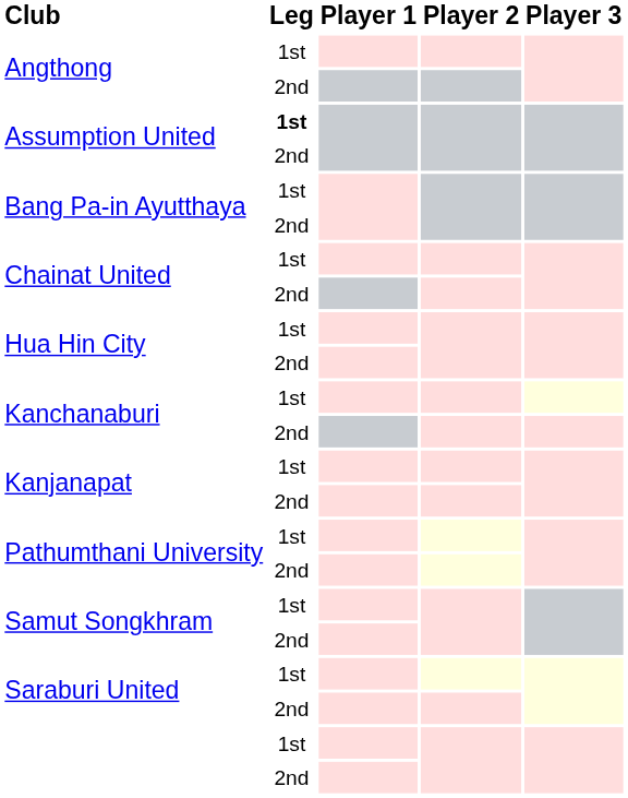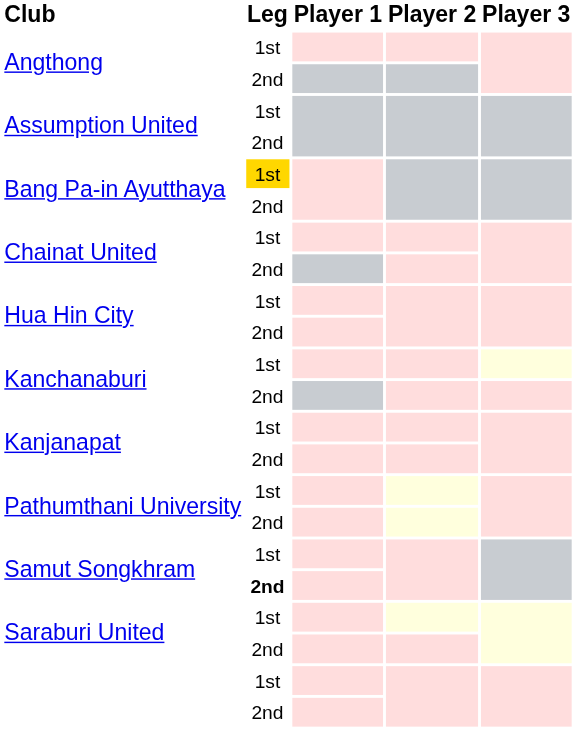 <table class="sortable" style="text-align:left">
 <tr>
 <th>Club</th>
 <th>Leg</th>
 <th>Player 1</th>
 <th>Player 2</th>
 <th>Player 3</th>
 </tr>
 <tr>
 <td rowspan="2"><a href='#'>Angthong</a></td>
 <td align="center"><small>1st</small></td>
 <td bgcolor="#ffdddd"></td>
 <td bgcolor="#ffdddd"></td>
 <td bgcolor="#ffdddd"rowspan="2"></td>
 </tr>
 <tr>
 <td align="center"><small>2nd</small></td>
 <td bgcolor="#c8ccd1"></td>
 <td bgcolor="#c8ccd1"></td>
 </tr>
 <tr>
 <td rowspan="2"><a href='#'>Assumption United</a></td>
-<td align="center"><strong><small>1st</small></strong></td>
+<td align="center"><small>1st</small></td>
 <td bgcolor="#c8ccd1"rowspan="2"></td>
 <td bgcolor="#c8ccd1"rowspan="2"></td>
 <td bgcolor="#c8ccd1"rowspan="2"></td>
 </tr>
 <tr>
 <td align="center"><small>2nd</small></td>
 </tr>
 <tr>
 <td rowspan="2"><a href='#'>Bang Pa-in Ayutthaya</a></td>
-<td align="center"><small>1st</small></td>
+<td align="center" style="background: gold;"><small>1st</small></td>
 <td bgcolor="#ffdddd"rowspan="2"></td>
 <td bgcolor="#c8ccd1"rowspan="2"></td>
 <td bgcolor="#c8ccd1"rowspan="2"></td>
 </tr>
 <tr>
 <td align="center"><small>2nd</small></td>
 </tr>
 <tr>
 <td rowspan="2"><a href='#'>Chainat United</a></td>
 <td align="center"><small>1st</small></td>
 <td bgcolor="#ffdddd"></td>
 <td bgcolor="#ffdddd"></td>
 <td bgcolor="#ffdddd"rowspan="2"></td>
 </tr>
 <tr>
 <td align="center"><small>2nd</small></td>
 <td bgcolor="#c8ccd1"></td>
 <td bgcolor="#ffdddd"></td>
 </tr>
 <tr>
 <td rowspan="2"><a href='#'>Hua Hin City</a></td>
 <td align="center"><small>1st</small></td>
 <td bgcolor="#ffdddd"></td>
 <td bgcolor="#ffdddd"rowspan="2"></td>
 <td bgcolor="#ffdddd"rowspan="2"></td>
 </tr>
 <tr>
 <td align="center"><small>2nd</small></td>
 <td bgcolor="#ffdddd"></td>
 </tr>
 <tr>
 <td rowspan="2"><a href='#'>Kanchanaburi</a></td>
 <td align="center"><small>1st</small></td>
 <td bgcolor="#ffdddd"></td>
 <td bgcolor="#ffdddd"></td>
 <td bgcolor="#ffffdd"></td>
 </tr>
 <tr>
 <td align="center"><small>2nd</small></td>
 <td bgcolor="#c8ccd1"></td>
 <td bgcolor="#ffdddd"></td>
 <td bgcolor="#ffdddd"></td>
 </tr>
 <tr>
 <td rowspan="2"><a href='#'>Kanjanapat</a></td>
 <td align="center"><small>1st</small></td>
 <td bgcolor="#ffdddd"></td>
 <td bgcolor="#ffdddd"></td>
 <td bgcolor="#ffdddd"rowspan="2"></td>
 </tr>
 <tr>
 <td align="center"><small>2nd</small></td>
 <td bgcolor="#ffdddd"></td>
 <td bgcolor="#ffdddd"></td>
 </tr>
 <tr>
 <td rowspan="2"><a href='#'>Pathumthani University</a></td>
 <td align="center"><small>1st</small></td>
 <td bgcolor="#ffdddd"></td>
 <td bgcolor="#ffffdd"></td>
 <td bgcolor="#ffdddd"rowspan="2"></td>
 </tr>
 <tr>
 <td align="center"><small>2nd</small></td>
 <td bgcolor="#ffdddd"></td>
 <td bgcolor="#ffffdd"></td>
 </tr>
 <tr>
 <td rowspan="2"><a href='#'>Samut Songkhram</a></td>
 <td align="center"><small>1st</small></td>
 <td bgcolor="#ffdddd"></td>
 <td bgcolor="#ffdddd"rowspan="2"></td>
 <td bgcolor="#c8ccd1"rowspan="2"></td>
 </tr>
 <tr>
-<td align="center"><small>2nd</small></td>
+<td align="center"><strong><small>2nd</small></strong></td>
 <td bgcolor="#ffdddd"></td>
 </tr>
 <tr>
 <td rowspan="2"><a href='#'>Saraburi United</a></td>
 <td align="center"><small>1st</small></td>
 <td bgcolor="#ffdddd"></td>
 <td bgcolor="#ffffdd"></td>
 <td bgcolor="#ffffdd"rowspan="2"></td>
 </tr>
 <tr>
 <td align="center"><small>2nd</small></td>
 <td bgcolor="#ffdddd"></td>
 <td bgcolor="#ffdddd"></td>
 </tr>
 <tr>
 <td rowspan="2"></td>
 <td align="center"><small>1st</small></td>
 <td bgcolor="#ffdddd"></td>
 <td bgcolor="#ffdddd"rowspan="2"></td>
 <td bgcolor="#ffdddd"rowspan="2"></td>
 </tr>
 <tr>
 <td align="center"><small>2nd</small></td>
 <td bgcolor="#ffdddd"></td>
 </tr>
 </table>
